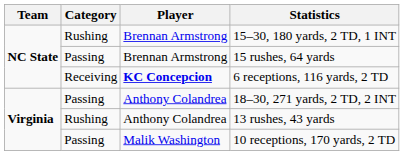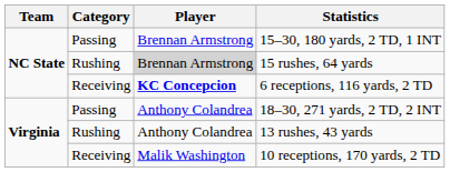 <table class="wikitable" style="float: left;">
 <tr>
 <th>Team</th>
 <th>Category</th>
 <th>Player</th>
 <th>Statistics</th>
 </tr>
 <tr>
 <td rowspan=3><strong>NC State</strong></td>
-<td>Rushing</td>
+<td>Passing</td>
 <td><a href='#'>Brennan Armstrong</a></td>
 <td>15–30, 180 yards, 2 TD, 1 INT</td>
 </tr>
 <tr>
-<td>Passing</td>
-<td>Brennan Armstrong</td>
+<td>Rushing</td>
+<td style="background: lightgrey;">Brennan Armstrong</td>
 <td>15 rushes, 64 yards</td>
 </tr>
 <tr>
 <td>Receiving</td>
 <td><strong><a href='#'>KC Concepcion</a></strong></td>
 <td>6 receptions, 116 yards, 2 TD</td>
 </tr>
 <tr>
 <td rowspan=3><strong>Virginia</strong></td>
 <td>Passing</td>
 <td><a href='#'>Anthony Colandrea</a></td>
 <td>18–30, 271 yards, 2 TD, 2 INT</td>
 </tr>
 <tr>
 <td>Rushing</td>
 <td>Anthony Colandrea</td>
 <td>13 rushes, 43 yards</td>
 </tr>
 <tr>
-<td>Passing</td>
+<td>Receiving</td>
 <td><a href='#'>Malik Washington</a></td>
 <td>10 receptions, 170 yards, 2 TD</td>
 </tr>
 </table>
